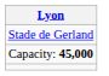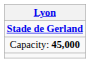 <table class="wikitable" style="text-align:center">
 <tr>
 <th><a href='#'>Lyon</a></th>
 </tr>
 <tr>
-<td><a href='#'>Stade de Gerland</a></td>
+<td><strong><a href='#'>Stade de Gerland</a></strong></td>
 </tr>
 <tr>
 <td>Capacity: <strong>45,000</strong></td>
 </tr>
 <tr>
 <td></td>
 </tr>
 </table>
